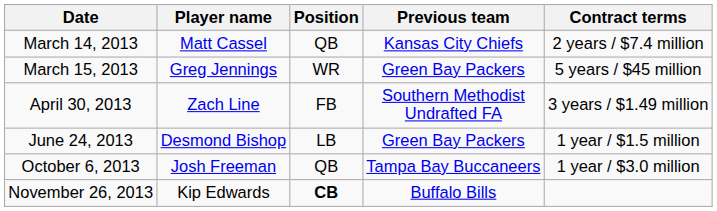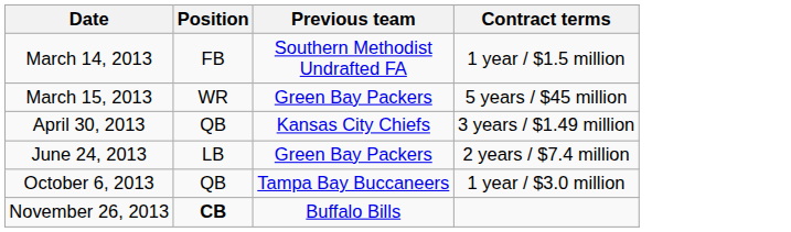 <table class="wikitable" style="text-align:center">
 <tr>
 <th>Date</th>
-<th>Player name</th>
 <th>Position</th>
 <th>Previous team</th>
 <th>Contract terms</th>
 </tr>
 <tr>
 <td>March 14, 2013</td>
-<td><a href='#'>Matt Cassel</a></td>
-<td>QB</td>
-<td><a href='#'>Kansas City Chiefs</a></td>
-<td>2 years / $7.4 million</td>
+<td>FB</td>
+<td><a href='#'>Southern Methodist</a><br><a href='#'>Undrafted FA</a></td>
+<td>1 year / $1.5 million</td>
 </tr>
 <tr>
 <td>March 15, 2013</td>
-<td><a href='#'>Greg Jennings</a></td>
 <td>WR</td>
 <td><a href='#'>Green Bay Packers</a></td>
 <td>5 years / $45 million</td>
 </tr>
 <tr>
 <td>April 30, 2013</td>
-<td><a href='#'>Zach Line</a></td>
-<td>FB</td>
-<td><a href='#'>Southern Methodist</a><br><a href='#'>Undrafted FA</a></td>
+<td>QB</td>
+<td><a href='#'>Kansas City Chiefs</a></td>
 <td>3 years / $1.49 million</td>
 </tr>
 <tr>
 <td>June 24, 2013</td>
-<td><a href='#'>Desmond Bishop</a></td>
 <td>LB</td>
 <td><a href='#'>Green Bay Packers</a></td>
-<td>1 year / $1.5 million</td>
+<td>2 years / $7.4 million</td>
 </tr>
 <tr>
 <td>October 6, 2013</td>
-<td><a href='#'>Josh Freeman</a></td>
 <td>QB</td>
 <td><a href='#'>Tampa Bay Buccaneers</a></td>
 <td>1 year / $3.0 million</td>
 </tr>
 <tr>
 <td>November 26, 2013</td>
-<td>Kip Edwards</td>
 <td><strong>CB</strong></td>
 <td><a href='#'>Buffalo Bills</a></td>
 <td></td>
 </tr>
 </table>
